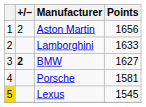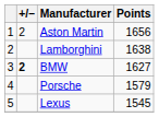 <table class="wikitable" style="font-size: 95%;">
 <tr>
 <th scope="col"></th>
 <th scope="col">+/–</th>
 <th scope="col">Manufacturer</th>
 <th scope="col">Points</th>
 </tr>
 <tr>
 <td align=center>1</td>
 <td align="left"> 2</td>
 <td> <a href='#'>Aston Martin</a></td>
 <td align=right>1656</td>
 </tr>
 <tr>
 <td align=center>2</td>
 <td align="left"></td>
 <td> <a href='#'>Lamborghini</a></td>
-<td align=right>1633</td>
+<td align=right>1638</td>
 </tr>
 <tr>
 <td align=center>3</td>
 <td align="left"><strong> 2</strong></td>
 <td> <a href='#'>BMW</a></td>
 <td align=right>1627</td>
 </tr>
 <tr>
 <td align=center>4</td>
 <td align="left"></td>
 <td> <a href='#'>Porsche</a></td>
-<td align=right>1581</td>
+<td align=right>1579</td>
 </tr>
 <tr>
-<td align=center style="background: gold;">5</td>
+<td align=center>5</td>
 <td align="left"></td>
 <td> <a href='#'>Lexus</a></td>
 <td align=right>1545</td>
 </tr>
 <tr>
 </tr>
 </table>
